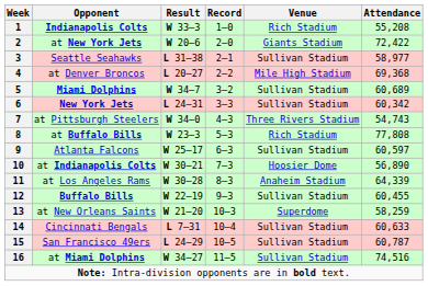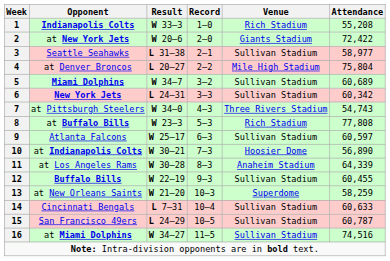 <table class="wikitable" style="text-align:center;">
 <tr>
 <th>Week</th>
 <th>Opponent</th>
 <th>Result</th>
 <th>Record</th>
 <th>Venue</th>
 <th>Attendance</th>
 </tr>
 <tr style="background:#cfc">
 <th>1</th>
 <td><strong><a href='#'>Indianapolis Colts</a></strong></td>
 <td><strong>W</strong> 33–3</td>
 <td>1–0</td>
 <td><a href='#'>Rich Stadium</a></td>
 <td>55,208</td>
 </tr>
 <tr style="background:#cfc">
 <th>2</th>
 <td>at <strong><a href='#'>New York Jets</a></strong></td>
 <td><strong>W</strong> 20–6</td>
 <td>2–0</td>
 <td><a href='#'>Giants Stadium</a></td>
 <td>72,422</td>
 </tr>
 <tr style="background:#fcc">
 <th>3</th>
 <td><a href='#'>Seattle Seahawks</a></td>
 <td><strong>L</strong> 31–38</td>
 <td>2–1</td>
 <td>Sullivan Stadium</td>
 <td>58,977</td>
 </tr>
 <tr style="background:#fcc">
 <th>4</th>
 <td>at <a href='#'>Denver Broncos</a></td>
 <td><strong>L</strong> 20–27</td>
 <td>2–2</td>
 <td><a href='#'>Mile High Stadium</a></td>
-<td>69,368</td>
+<td>75,804</td>
 </tr>
 <tr style="background:#cfc">
 <th>5</th>
 <td><strong><a href='#'>Miami Dolphins</a></strong></td>
 <td><strong>W</strong> 34–7</td>
 <td>3–2</td>
 <td>Sullivan Stadium</td>
 <td>60,689</td>
 </tr>
 <tr style="background:#fcc">
 <th>6</th>
 <td><strong><a href='#'>New York Jets</a></strong></td>
 <td><strong>L</strong> 24–31</td>
 <td>3–3</td>
 <td>Sullivan Stadium</td>
 <td>60,342</td>
 </tr>
 <tr style="background:#cfc">
 <th>7</th>
 <td>at <a href='#'>Pittsburgh Steelers</a></td>
 <td><strong>W</strong> 34–0</td>
 <td>4–3</td>
 <td><a href='#'>Three Rivers Stadium</a></td>
 <td>54,743</td>
 </tr>
 <tr style="background:#cfc">
 <th>8</th>
 <td>at <strong><a href='#'>Buffalo Bills</a></strong></td>
 <td><strong>W</strong> 23–3</td>
 <td>5–3</td>
 <td><a href='#'>Rich Stadium</a></td>
 <td>77,808</td>
 </tr>
 <tr style="background:#cfc">
 <th>9</th>
 <td><a href='#'>Atlanta Falcons</a></td>
 <td><strong>W</strong> 25–17</td>
 <td>6–3</td>
 <td>Sullivan Stadium</td>
 <td>60,597</td>
 </tr>
 <tr style="background:#cfc">
 <th>10</th>
 <td>at <strong><a href='#'>Indianapolis Colts</a></strong></td>
 <td><strong>W</strong> 30–21</td>
 <td>7–3</td>
 <td><a href='#'>Hoosier Dome</a></td>
 <td>56,890</td>
 </tr>
 <tr style="background:#cfc">
 <th>11</th>
 <td>at <a href='#'>Los Angeles Rams</a></td>
 <td><strong>W</strong> 30–28</td>
 <td>8–3</td>
 <td><a href='#'>Anaheim Stadium</a></td>
 <td>64,339</td>
 </tr>
 <tr style="background:#cfc">
 <th>12</th>
 <td><strong><a href='#'>Buffalo Bills</a></strong></td>
 <td><strong>W</strong> 22–19</td>
 <td>9–3</td>
 <td>Sullivan Stadium</td>
 <td>60,455</td>
 </tr>
 <tr style="background:#cfc">
 <th>13</th>
 <td>at <a href='#'>New Orleans Saints</a></td>
 <td><strong>W</strong> 21–20</td>
 <td>10–3</td>
 <td><a href='#'>Superdome</a></td>
 <td>58,259</td>
 </tr>
 <tr style="background:#fcc">
 <th>14</th>
 <td><a href='#'>Cincinnati Bengals</a></td>
 <td><strong>L</strong> 7–31</td>
 <td>10–4</td>
 <td>Sullivan Stadium</td>
 <td>60,633</td>
 </tr>
 <tr style="background:#fcc">
 <th>15</th>
 <td><a href='#'>San Francisco 49ers</a></td>
 <td><strong>L</strong> 24–29</td>
 <td>10–5</td>
 <td>Sullivan Stadium</td>
 <td>60,787</td>
 </tr>
 <tr style="background:#cfc">
 <th>16</th>
 <td>at <strong><a href='#'>Miami Dolphins</a></strong></td>
 <td><strong>W</strong> 34–27</td>
 <td>11–5</td>
 <td><a href='#'>Sullivan Stadium</a></td>
 <td>74,516</td>
 </tr>
 <tr>
 <td colspan="8"><strong>Note:</strong> Intra-division opponents are in <strong>bold</strong> text.</td>
 </tr>
 </table>
